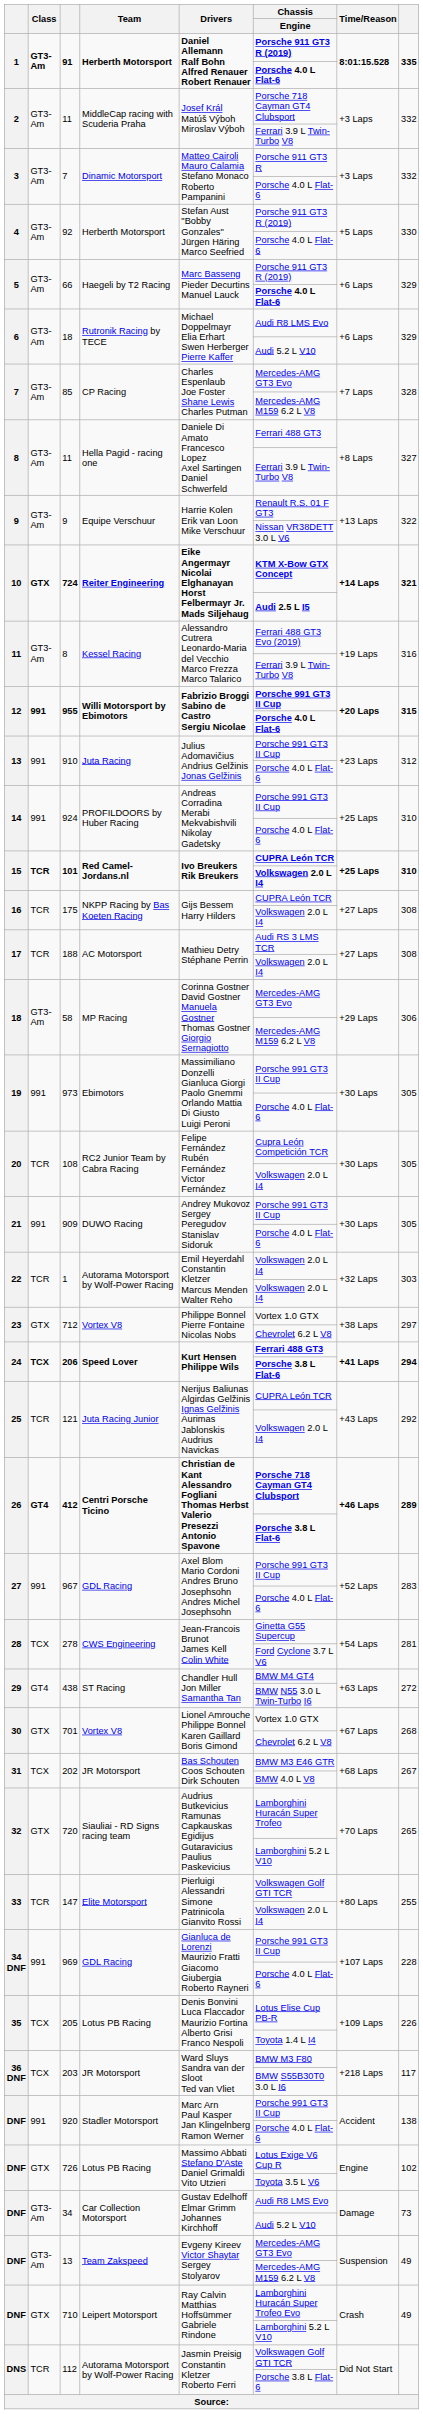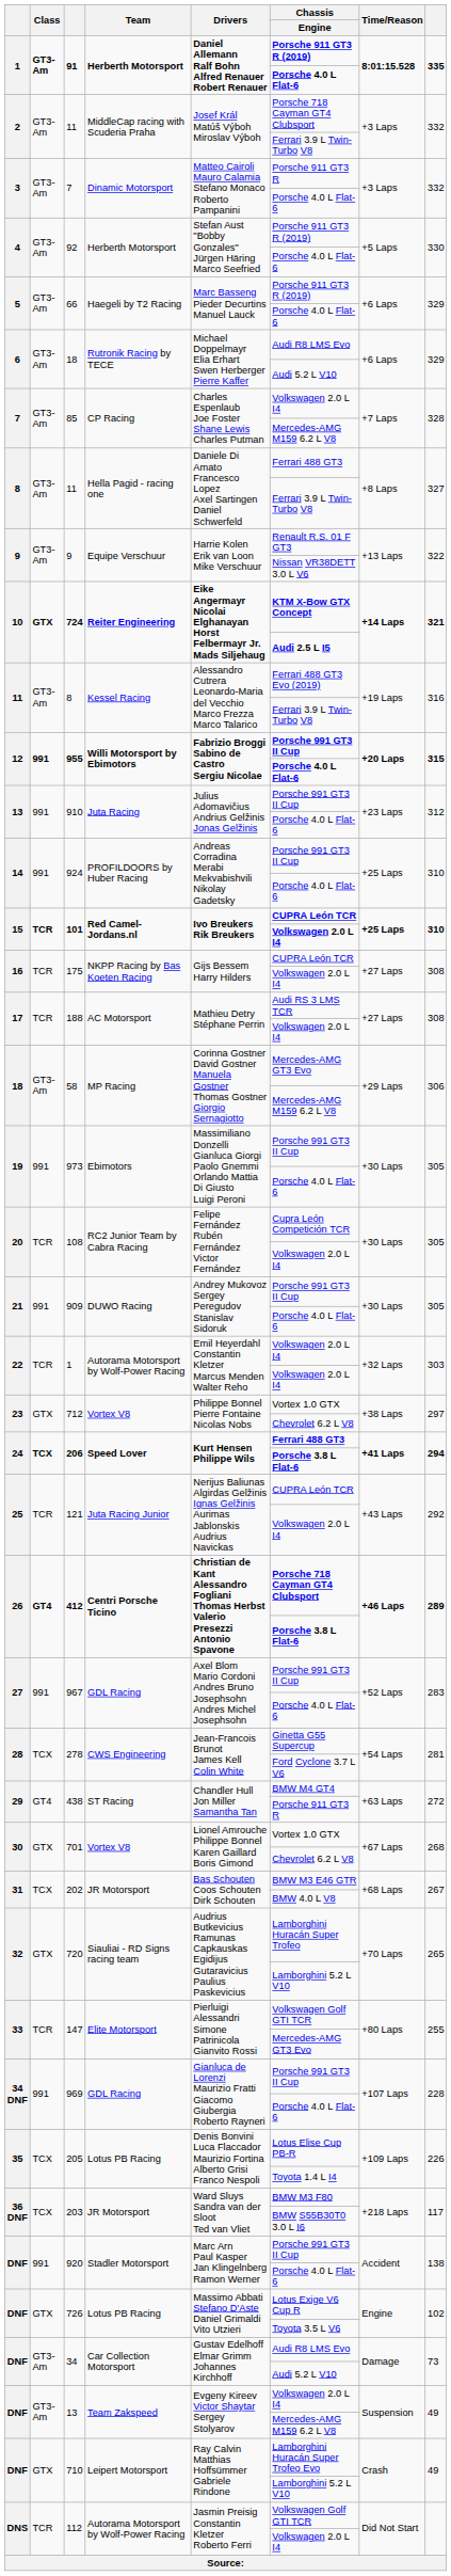 <table class="wikitable" style="font-size: 85%;">
 <tr>
 <th rowspan=2></th>
 <th rowspan=2>Class</th>
 <th rowspan=2></th>
 <th rowspan=2>Team</th>
 <th rowspan=2>Drivers</th>
 <th>Chassis</th>
 <th rowspan=2>Time/Reason</th>
 <th rowspan=2></th>
 </tr>
 <tr>
 <th>Engine</th>
 </tr>
 <tr style="font-weight:bold">
 <th rowspan=2>1</th>
 <td rowspan=2>GT3-Am</td>
 <td rowspan=2>91</td>
 <td rowspan=2> Herberth Motorsport</td>
 <td rowspan=2> Daniel Allemann<br> Ralf Bohn<br> Alfred Renauer<br> Robert Renauer</td>
 <td><a href='#'>Porsche 911 GT3 R (2019)</a></td>
 <td rowspan=2>8:01:15.528</td>
 <td rowspan=2>335</td>
 </tr>
 <tr style="font-weight:bold">
 <td><a href='#'>Porsche</a> 4.0 L <a href='#'>Flat-6</a></td>
 </tr>
 <tr>
 <th rowspan=2>2</th>
 <td rowspan=2>GT3-Am</td>
 <td rowspan=2>11</td>
 <td rowspan=2> MiddleCap racing with Scuderia Praha</td>
 <td rowspan=2> <a href='#'>Josef Král</a><br> Matúš Výboh<br> Miroslav Výboh</td>
 <td><a href='#'>Porsche 718 Cayman GT4 Clubsport</a></td>
 <td rowspan=2>+3 Laps</td>
 <td rowspan=2>332</td>
 </tr>
 <tr>
 <td><a href='#'>Ferrari</a> 3.9 L <a href='#'>Twin-Turbo</a> <a href='#'>V8</a></td>
 </tr>
 <tr>
 <th rowspan=2>3</th>
 <td rowspan=2>GT3-Am</td>
 <td rowspan=2>7</td>
 <td rowspan=2> <a href='#'>Dinamic Motorsport</a></td>
 <td rowspan=2> <a href='#'>Matteo Cairoli</a><br> <a href='#'>Mauro Calamia</a><br> Stefano Monaco<br> Roberto Pampanini</td>
 <td><a href='#'>Porsche 911 GT3 R</a></td>
 <td rowspan=2>+3 Laps</td>
 <td rowspan=2>332</td>
 </tr>
 <tr>
 <td><a href='#'>Porsche</a> 4.0 L <a href='#'>Flat-6</a></td>
 </tr>
 <tr>
 <th rowspan=2>4</th>
 <td rowspan=2>GT3-Am</td>
 <td rowspan=2>92</td>
 <td rowspan=2> Herberth Motorsport</td>
 <td rowspan=2> Stefan Aust<br> "Bobby Gonzales"<br> Jürgen Häring<br> Marco Seefried</td>
 <td><a href='#'>Porsche 911 GT3 R (2019)</a></td>
 <td rowspan=2>+5 Laps</td>
 <td rowspan=2>330</td>
 </tr>
 <tr>
 <td><a href='#'>Porsche</a> 4.0 L <a href='#'>Flat-6</a></td>
 </tr>
 <tr>
 <th rowspan=2>5</th>
 <td rowspan=2>GT3-Am</td>
 <td rowspan=2>66</td>
 <td rowspan=2> Haegeli by T2 Racing</td>
 <td rowspan=2> <a href='#'>Marc Basseng</a><br> Pieder Decurtins<br> Manuel Lauck</td>
 <td><a href='#'>Porsche 911 GT3 R (2019)</a></td>
 <td rowspan=2>+6 Laps</td>
 <td rowspan=2>329</td>
 </tr>
 <tr>
-<td><strong><a href='#'>Porsche</a> 4.0 L <a href='#'>Flat-6</a></strong></td>
+<td><a href='#'>Porsche</a> 4.0 L <a href='#'>Flat-6</a></td>
 </tr>
 <tr>
 <th rowspan=2>6</th>
 <td rowspan=2>GT3-Am</td>
 <td rowspan=2>18</td>
 <td rowspan=2> <a href='#'>Rutronik Racing</a> by TECE</td>
 <td rowspan=2> Michael Doppelmayr<br> Elia Erhart<br> Swen Herberger<br> <a href='#'>Pierre Kaffer</a></td>
 <td><a href='#'>Audi R8 LMS Evo</a></td>
 <td rowspan=2>+6 Laps</td>
 <td rowspan=2>329</td>
 </tr>
 <tr>
 <td><a href='#'>Audi</a> 5.2 L <a href='#'>V10</a></td>
 </tr>
 <tr>
 <th rowspan=2>7</th>
 <td rowspan=2>GT3-Am</td>
 <td rowspan=2>85</td>
 <td rowspan=2> CP Racing</td>
 <td rowspan=2> Charles Espenlaub<br> Joe Foster<br> <a href='#'>Shane Lewis</a><br> Charles Putman</td>
-<td><a href='#'>Mercedes-AMG GT3 Evo</a></td>
+<td><a href='#'>Volkswagen</a> 2.0 L <a href='#'>I4</a></td>
 <td rowspan=2>+7 Laps</td>
 <td rowspan=2>328</td>
 </tr>
 <tr>
 <td><a href='#'>Mercedes-AMG M159</a> 6.2 L <a href='#'>V8</a></td>
 </tr>
 <tr>
 <th rowspan=2>8</th>
 <td rowspan=2>GT3-Am</td>
 <td rowspan=2>11</td>
 <td rowspan=2> Hella Pagid - racing one</td>
 <td rowspan=2> Daniele Di Amato<br> Francesco Lopez<br> Axel Sartingen<br> Daniel Schwerfeld</td>
 <td><a href='#'>Ferrari 488 GT3</a></td>
 <td rowspan=2>+8 Laps</td>
 <td rowspan=2>327</td>
 </tr>
 <tr>
 <td><a href='#'>Ferrari</a> 3.9 L <a href='#'>Twin-Turbo</a> <a href='#'>V8</a></td>
 </tr>
 <tr>
 <th rowspan=2>9</th>
 <td rowspan=2>GT3-Am</td>
 <td rowspan=2>9</td>
 <td rowspan=2> Equipe Verschuur</td>
 <td rowspan=2> Harrie Kolen<br> Erik van Loon<br> Mike Verschuur</td>
 <td><a href='#'>Renault R.S. 01 F GT3</a></td>
 <td rowspan=2>+13 Laps</td>
 <td rowspan=2>322</td>
 </tr>
 <tr>
 <td><a href='#'>Nissan</a> <a href='#'>VR38DETT</a> 3.0 L <a href='#'>V6</a></td>
 </tr>
 <tr style="font-weight:bold">
 <th rowspan=2>10</th>
 <td rowspan=2>GTX</td>
 <td rowspan=2>724</td>
 <td rowspan=2> <a href='#'>Reiter Engineering</a></td>
 <td rowspan=2> Eike Angermayr<br> Nicolai Elghanayan<br> Horst Felbermayr Jr.<br> Mads Siljehaug</td>
 <td><a href='#'>KTM X-Bow GTX Concept</a></td>
 <td rowspan=2>+14 Laps</td>
 <td rowspan=2>321</td>
 </tr>
 <tr style="font-weight:bold">
 <td><a href='#'>Audi</a> 2.5 L <a href='#'>I5</a></td>
 </tr>
 <tr>
 <th rowspan=2>11</th>
 <td rowspan=2>GT3-Am</td>
 <td rowspan=2>8</td>
 <td rowspan=2> <a href='#'>Kessel Racing</a></td>
 <td rowspan=2> Alessandro Cutrera<br> Leonardo-Maria del Vecchio<br> Marco Frezza<br> Marco Talarico</td>
 <td><a href='#'>Ferrari 488 GT3 Evo (2019)</a></td>
 <td rowspan=2>+19 Laps</td>
 <td rowspan=2>316</td>
 </tr>
 <tr>
 <td><a href='#'>Ferrari</a> 3.9 L <a href='#'>Twin-Turbo</a> <a href='#'>V8</a></td>
 </tr>
 <tr style="font-weight:bold">
 <th rowspan=2>12</th>
 <td rowspan=2>991</td>
 <td rowspan=2>955</td>
 <td rowspan=2> Willi Motorsport by Ebimotors</td>
 <td rowspan=2> Fabrizio Broggi<br> Sabino de Castro<br> Sergiu Nicolae</td>
 <td><a href='#'>Porsche 991 GT3 II Cup</a></td>
 <td rowspan=2>+20 Laps</td>
 <td rowspan=2>315</td>
 </tr>
 <tr style="font-weight:bold">
 <td><a href='#'>Porsche</a> 4.0 L <a href='#'>Flat-6</a></td>
 </tr>
 <tr>
 <th rowspan=2>13</th>
 <td rowspan=2>991</td>
 <td rowspan=2>910</td>
 <td rowspan=2> <a href='#'>Juta Racing</a></td>
 <td rowspan=2> Julius Adomavičius<br> Andrius Gelžinis<br> <a href='#'>Jonas Gelžinis</a></td>
 <td><a href='#'>Porsche 991 GT3 II Cup</a></td>
 <td rowspan=2>+23 Laps</td>
 <td rowspan=2>312</td>
 </tr>
 <tr>
 <td><a href='#'>Porsche</a> 4.0 L <a href='#'>Flat-6</a></td>
 </tr>
 <tr>
 <th rowspan=2>14</th>
 <td rowspan=2>991</td>
 <td rowspan=2>924</td>
 <td rowspan=2> PROFILDOORS by Huber Racing</td>
 <td rowspan=2> Andreas Corradina<br> Merabi Mekvabishvili<br> Nikolay Gadetsky</td>
 <td><a href='#'>Porsche 991 GT3 II Cup</a></td>
 <td rowspan=2>+25 Laps</td>
 <td rowspan=2>310</td>
 </tr>
 <tr>
 <td><a href='#'>Porsche</a> 4.0 L <a href='#'>Flat-6</a></td>
 </tr>
 <tr style="font-weight:bold">
 <th rowspan=2>15</th>
 <td rowspan=2>TCR</td>
 <td rowspan=2>101</td>
 <td rowspan=2> Red Camel-Jordans.nl</td>
 <td rowspan=2> Ivo Breukers<br> Rik Breukers</td>
 <td><a href='#'>CUPRA León TCR</a></td>
 <td rowspan=2>+25 Laps</td>
 <td rowspan=2>310</td>
 </tr>
 <tr style="font-weight:bold">
 <td><a href='#'>Volkswagen</a> 2.0 L <a href='#'>I4</a></td>
 </tr>
 <tr>
 <th rowspan=2>16</th>
 <td rowspan=2>TCR</td>
 <td rowspan=2>175</td>
 <td rowspan=2> NKPP Racing by <a href='#'>Bas Koeten Racing</a></td>
 <td rowspan=2> Gijs Bessem<br> Harry Hilders</td>
 <td><a href='#'>CUPRA León TCR</a></td>
 <td rowspan=2>+27 Laps</td>
 <td rowspan=2>308</td>
 </tr>
 <tr>
 <td><a href='#'>Volkswagen</a> 2.0 L <a href='#'>I4</a></td>
 </tr>
 <tr>
 <th rowspan=2>17</th>
 <td rowspan=2>TCR</td>
 <td rowspan=2>188</td>
 <td rowspan=2> AC Motorsport</td>
 <td rowspan=2> Mathieu Detry<br> Stéphane Perrin</td>
 <td><a href='#'>Audi RS 3 LMS TCR</a></td>
 <td rowspan=2>+27 Laps</td>
 <td rowspan=2>308</td>
 </tr>
 <tr>
 <td><a href='#'>Volkswagen</a> 2.0 L <a href='#'>I4</a></td>
 </tr>
 <tr>
 <th rowspan=2>18</th>
 <td rowspan=2>GT3-Am</td>
 <td rowspan=2>58</td>
 <td rowspan=2> MP Racing</td>
 <td rowspan=2> Corinna Gostner<br> David Gostner<br> <a href='#'>Manuela Gostner</a><br> Thomas Gostner<br> <a href='#'>Giorgio Sernagiotto</a></td>
 <td><a href='#'>Mercedes-AMG GT3 Evo</a></td>
 <td rowspan=2>+29 Laps</td>
 <td rowspan=2>306</td>
 </tr>
 <tr>
 <td><a href='#'>Mercedes-AMG M159</a> 6.2 L <a href='#'>V8</a></td>
 </tr>
 <tr>
 <th rowspan=2>19</th>
 <td rowspan=2>991</td>
 <td rowspan=2>973</td>
 <td rowspan=2> Ebimotors</td>
 <td rowspan=2> Massimiliano Donzelli<br> Gianluca Giorgi<br> Paolo Gnemmi<br> Orlando Mattia Di Giusto<br> Luigi Peroni</td>
 <td><a href='#'>Porsche 991 GT3 II Cup</a></td>
 <td rowspan=2>+30 Laps</td>
 <td rowspan=2>305</td>
 </tr>
 <tr>
 <td><a href='#'>Porsche</a> 4.0 L <a href='#'>Flat-6</a></td>
 </tr>
 <tr>
 <th rowspan=2>20</th>
 <td rowspan=2>TCR</td>
 <td rowspan=2>108</td>
 <td rowspan=2> RC2 Junior Team by Cabra Racing</td>
 <td rowspan=2> Felipe Fernández<br> Rubén Fernández<br> Victor Fernández</td>
 <td><a href='#'>Cupra León Competición TCR</a></td>
 <td rowspan=2>+30 Laps</td>
 <td rowspan=2>305</td>
 </tr>
 <tr>
 <td><a href='#'>Volkswagen</a> 2.0 L <a href='#'>I4</a></td>
 </tr>
 <tr>
 <th rowspan=2>21</th>
 <td rowspan=2>991</td>
 <td rowspan=2>909</td>
 <td rowspan=2> DUWO Racing</td>
 <td rowspan=2> Andrey Mukovoz<br> Sergey Peregudov<br> Stanislav Sidoruk</td>
 <td><a href='#'>Porsche 991 GT3 II Cup</a></td>
 <td rowspan=2>+30 Laps</td>
 <td rowspan=2>305</td>
 </tr>
 <tr>
 <td><a href='#'>Porsche</a> 4.0 L <a href='#'>Flat-6</a></td>
 </tr>
 <tr>
 <th rowspan=2>22</th>
 <td rowspan=2>TCR</td>
 <td rowspan=2>1</td>
 <td rowspan=2> Autorama Motorsport by Wolf-Power Racing</td>
 <td rowspan=2> Emil Heyerdahl<br> Constantin Kletzer<br> Marcus Menden<br> Walter Reho</td>
 <td><a href='#'>Volkswagen</a> 2.0 L <a href='#'>I4</a></td>
 <td rowspan=2>+32 Laps</td>
 <td rowspan=2>303</td>
 </tr>
 <tr>
 <td><a href='#'>Volkswagen</a> 2.0 L <a href='#'>I4</a></td>
 </tr>
 <tr>
 <th rowspan=2>23</th>
 <td rowspan=2>GTX</td>
 <td rowspan=2>712</td>
 <td rowspan=2> <a href='#'>Vortex V8</a></td>
 <td rowspan=2> Philippe Bonnel<br> Pierre Fontaine<br> Nicolas Nobs</td>
 <td>Vortex 1.0 GTX</td>
 <td rowspan=2>+38 Laps</td>
 <td rowspan=2>297</td>
 </tr>
 <tr>
 <td><a href='#'>Chevrolet</a> 6.2 L <a href='#'>V8</a></td>
 </tr>
 <tr style="font-weight:bold">
 <th rowspan=2>24</th>
 <td rowspan=2>TCX</td>
 <td rowspan=2>206</td>
 <td rowspan=2> Speed Lover</td>
 <td rowspan=2> Kurt Hensen<br> Philippe Wils</td>
 <td><a href='#'>Ferrari 488 GT3</a></td>
 <td rowspan=2>+41 Laps</td>
 <td rowspan=2>294</td>
 </tr>
 <tr style="font-weight:bold">
 <td><a href='#'>Porsche</a> 3.8 L <a href='#'>Flat-6</a></td>
 </tr>
 <tr>
 <th rowspan=2>25</th>
 <td rowspan=2>TCR</td>
 <td rowspan=2>121</td>
 <td rowspan=2> <a href='#'>Juta Racing Junior</a></td>
 <td rowspan=2> Nerijus Baliunas<br> Algirdas Gelžinis<br> <a href='#'>Ignas Gelžinis</a><br> Aurimas Jablonskis<br> Audrius Navickas</td>
 <td><a href='#'>CUPRA León TCR</a></td>
 <td rowspan=2>+43 Laps</td>
 <td rowspan=2>292</td>
 </tr>
 <tr>
 <td><a href='#'>Volkswagen</a> 2.0 L <a href='#'>I4</a></td>
 </tr>
 <tr style="font-weight:bold">
 <th rowspan=2>26</th>
 <td rowspan=2>GT4</td>
 <td rowspan=2>412</td>
 <td rowspan=2> Centri Porsche Ticino</td>
 <td rowspan=2> Christian de Kant<br> Alessandro Fogliani<br> Thomas Herbst<br> Valerio Presezzi<br> Antonio Spavone</td>
 <td><a href='#'>Porsche 718 Cayman GT4 Clubsport</a></td>
 <td rowspan=2>+46 Laps</td>
 <td rowspan=2>289</td>
 </tr>
 <tr style="font-weight:bold">
 <td><a href='#'>Porsche</a> 3.8 L <a href='#'>Flat-6</a></td>
 </tr>
 <tr>
 <th rowspan=2>27</th>
 <td rowspan=2>991</td>
 <td rowspan=2>967</td>
 <td rowspan=2> <a href='#'>GDL Racing</a></td>
 <td rowspan=2> Axel Blom<br> Mario Cordoni<br> Andres Bruno Josephsohn<br> Andres Michel Josephsohn</td>
 <td><a href='#'>Porsche 991 GT3 II Cup</a></td>
 <td rowspan=2>+52 Laps</td>
 <td rowspan=2>283</td>
 </tr>
 <tr>
 <td><a href='#'>Porsche</a> 4.0 L <a href='#'>Flat-6</a></td>
 </tr>
 <tr>
 <th rowspan=2>28</th>
 <td rowspan=2>TCX</td>
 <td rowspan=2>278</td>
 <td rowspan=2> <a href='#'>CWS Engineering</a></td>
 <td rowspan=2> Jean-Francois Brunot<br> James Kell<br> <a href='#'>Colin White</a></td>
 <td><a href='#'>Ginetta G55 Supercup</a></td>
 <td rowspan=2>+54 Laps</td>
 <td rowspan=2>281</td>
 </tr>
 <tr>
 <td><a href='#'>Ford</a> <a href='#'>Cyclone</a> 3.7 L <a href='#'>V6</a></td>
 </tr>
 <tr>
 <th rowspan=2>29</th>
 <td rowspan=2>GT4</td>
 <td rowspan=2>438</td>
 <td rowspan=2> ST Racing</td>
 <td rowspan=2> Chandler Hull<br> Jon Miller<br> <a href='#'>Samantha Tan</a></td>
 <td><a href='#'>BMW M4 GT4</a></td>
 <td rowspan=2>+63 Laps</td>
 <td rowspan=2>272</td>
 </tr>
 <tr>
-<td><a href='#'>BMW</a> <a href='#'>N55</a> 3.0 L <a href='#'>Twin-Turbo</a> <a href='#'>I6</a></td>
+<td><a href='#'>Porsche 911 GT3 R</a></td>
 </tr>
 <tr>
 <th rowspan=2>30</th>
 <td rowspan=2>GTX</td>
 <td rowspan=2>701</td>
 <td rowspan=2> <a href='#'>Vortex V8</a></td>
 <td rowspan=2> Lionel Amrouche<br> Philippe Bonnel<br> Karen Gaillard<br> Boris Gimond</td>
 <td>Vortex 1.0 GTX</td>
 <td rowspan=2>+67 Laps</td>
 <td rowspan=2>268</td>
 </tr>
 <tr>
 <td><a href='#'>Chevrolet</a> 6.2 L <a href='#'>V8</a></td>
 </tr>
 <tr>
 <th rowspan=2>31</th>
 <td rowspan=2>TCX</td>
 <td rowspan=2>202</td>
 <td rowspan=2> JR Motorsport</td>
 <td rowspan=2> <a href='#'>Bas Schouten</a><br> Coos Schouten<br> Dirk Schouten</td>
 <td><a href='#'>BMW M3 E46 GTR</a></td>
 <td rowspan=2>+68 Laps</td>
 <td rowspan=2>267</td>
 </tr>
 <tr>
 <td><a href='#'>BMW</a> 4.0 L <a href='#'>V8</a></td>
 </tr>
 <tr>
 <th rowspan=2>32</th>
 <td rowspan=2>GTX</td>
 <td rowspan=2>720</td>
 <td rowspan=2> Siauliai - RD Signs racing team</td>
 <td rowspan=2> Audrius Butkevicius<br> Ramunas Capkauskas<br> Egidijus Gutaravicius<br> Paulius Paskevicius</td>
 <td><a href='#'>Lamborghini Huracán Super Trofeo</a></td>
 <td rowspan=2>+70 Laps</td>
 <td rowspan=2>265</td>
 </tr>
 <tr>
 <td><a href='#'>Lamborghini</a> 5.2 L <a href='#'>V10</a></td>
 </tr>
 <tr>
 <th rowspan=2>33</th>
 <td rowspan=2>TCR</td>
 <td rowspan=2>147</td>
 <td rowspan=2> <a href='#'>Elite Motorsport</a></td>
 <td rowspan=2> Pierluigi Alessandri<br> Simone Patrinicola<br> Gianvito Rossi</td>
 <td><a href='#'>Volkswagen Golf GTI TCR</a></td>
 <td rowspan=2>+80 Laps</td>
 <td rowspan=2>255</td>
 </tr>
 <tr>
-<td><a href='#'>Volkswagen</a> 2.0 L <a href='#'>I4</a></td>
+<td><a href='#'>Mercedes-AMG GT3 Evo</a></td>
 </tr>
 <tr>
 <th rowspan=2>34<br>DNF</th>
 <td rowspan=2>991</td>
 <td rowspan=2>969</td>
 <td rowspan=2> <a href='#'>GDL Racing</a></td>
 <td rowspan=2> <a href='#'>Gianluca de Lorenzi</a><br> Maurizio Fratti<br> Giacomo Giubergia<br> Roberto Rayneri</td>
 <td><a href='#'>Porsche 991 GT3 II Cup</a></td>
 <td rowspan=2>+107 Laps</td>
 <td rowspan=2>228</td>
 </tr>
 <tr>
 <td><a href='#'>Porsche</a> 4.0 L <a href='#'>Flat-6</a></td>
 </tr>
 <tr>
 <th rowspan=2>35</th>
 <td rowspan=2>TCX</td>
 <td rowspan=2>205</td>
 <td rowspan=2> Lotus PB Racing</td>
 <td rowspan=2> Denis Bonvini<br> Luca Flaccador<br> Maurizio Fortina<br> Alberto Grisi<br> Franco Nespoli</td>
 <td><a href='#'>Lotus Elise Cup PB-R</a></td>
 <td rowspan=2>+109 Laps</td>
 <td rowspan=2>226</td>
 </tr>
 <tr>
 <td><a href='#'>Toyota</a> 1.4 L <a href='#'>I4</a></td>
 </tr>
 <tr>
 <th rowspan=2>36<br>DNF</th>
 <td rowspan=2>TCX</td>
 <td rowspan=2>203</td>
 <td rowspan=2> JR Motorsport</td>
 <td rowspan=2> Ward Sluys<br> Sandra van der Sloot<br> Ted van Vliet</td>
 <td><a href='#'>BMW M3 F80</a></td>
 <td rowspan=2>+218 Laps</td>
 <td rowspan=2>117</td>
 </tr>
 <tr>
 <td><a href='#'>BMW</a> <a href='#'>S55B30T0</a> 3.0 L <a href='#'>I6</a></td>
 </tr>
 <tr>
 <th rowspan=2>DNF</th>
 <td rowspan=2>991</td>
 <td rowspan=2>920</td>
 <td rowspan=2> Stadler Motorsport</td>
 <td rowspan=2> Marc Arn<br> Paul Kasper<br> Jan Klingelnberg<br> Ramon Werner</td>
 <td><a href='#'>Porsche 991 GT3 II Cup</a></td>
 <td rowspan=2>Accident</td>
 <td rowspan=2>138</td>
 </tr>
 <tr>
 <td><a href='#'>Porsche</a> 4.0 L <a href='#'>Flat-6</a></td>
 </tr>
 <tr>
 <th rowspan=2>DNF</th>
 <td rowspan=2>GTX</td>
 <td rowspan=2>726</td>
 <td rowspan=2> Lotus PB Racing</td>
 <td rowspan=2> Massimo Abbati<br> <a href='#'>Stefano D'Aste</a><br> Daniel Grimaldi<br> Vito Utzieri</td>
 <td><a href='#'>Lotus Exige V6 Cup R</a></td>
 <td rowspan=2>Engine</td>
 <td rowspan=2>102</td>
 </tr>
 <tr>
 <td><a href='#'>Toyota</a> 3.5 L <a href='#'>V6</a></td>
 </tr>
 <tr>
 <th rowspan=2>DNF</th>
 <td rowspan=2>GT3-Am</td>
 <td rowspan=2>34</td>
 <td rowspan=2> Car Collection Motorsport</td>
 <td rowspan=2> Gustav Edelhoff<br> Elmar Grimm<br> Johannes Kirchhoff</td>
 <td><a href='#'>Audi R8 LMS Evo</a></td>
 <td rowspan=2>Damage</td>
 <td rowspan=2>73</td>
 </tr>
 <tr>
 <td><a href='#'>Audi</a> 5.2 L <a href='#'>V10</a></td>
 </tr>
 <tr>
 <th rowspan=2>DNF</th>
 <td rowspan=2>GT3-Am</td>
 <td rowspan=2>13</td>
 <td rowspan=2> <a href='#'>Team Zakspeed</a></td>
 <td rowspan=2> Evgeny Kireev<br> <a href='#'>Victor Shaytar</a><br> Sergey Stolyarov</td>
-<td><a href='#'>Mercedes-AMG GT3 Evo</a></td>
+<td><a href='#'>Volkswagen</a> 2.0 L <a href='#'>I4</a></td>
 <td rowspan=2>Suspension</td>
 <td rowspan=2>49</td>
 </tr>
 <tr>
 <td><a href='#'>Mercedes-AMG M159</a> 6.2 L <a href='#'>V8</a></td>
 </tr>
 <tr>
 <th rowspan=2>DNF</th>
 <td rowspan=2>GTX</td>
 <td rowspan=2>710</td>
 <td rowspan=2> Leipert Motorsport</td>
 <td rowspan=2> Ray Calvin<br> Matthias Hoffsümmer<br> Gabriele Rindone</td>
 <td><a href='#'>Lamborghini Huracán Super Trofeo Evo</a></td>
 <td rowspan=2>Crash</td>
 <td rowspan=2>49</td>
 </tr>
 <tr>
 <td><a href='#'>Lamborghini</a> 5.2 L <a href='#'>V10</a></td>
 </tr>
 <tr>
 <th rowspan=2>DNS</th>
 <td rowspan=2>TCR</td>
 <td rowspan=2>112</td>
 <td rowspan=2> Autorama Motorsport by Wolf-Power Racing</td>
 <td rowspan=2> Jasmin Preisig<br> Constantin Kletzer<br> Roberto Ferri</td>
 <td><a href='#'>Volkswagen Golf GTI TCR</a></td>
 <td rowspan=2>Did Not Start</td>
 <td rowspan=2></td>
 </tr>
 <tr>
-<td><a href='#'>Porsche</a> 3.8 L <a href='#'>Flat-6</a></td>
+<td><a href='#'>Volkswagen</a> 2.0 L <a href='#'>I4</a></td>
 </tr>
 <tr>
 <th colspan=9>Source:</th>
 </tr>
 </table>
